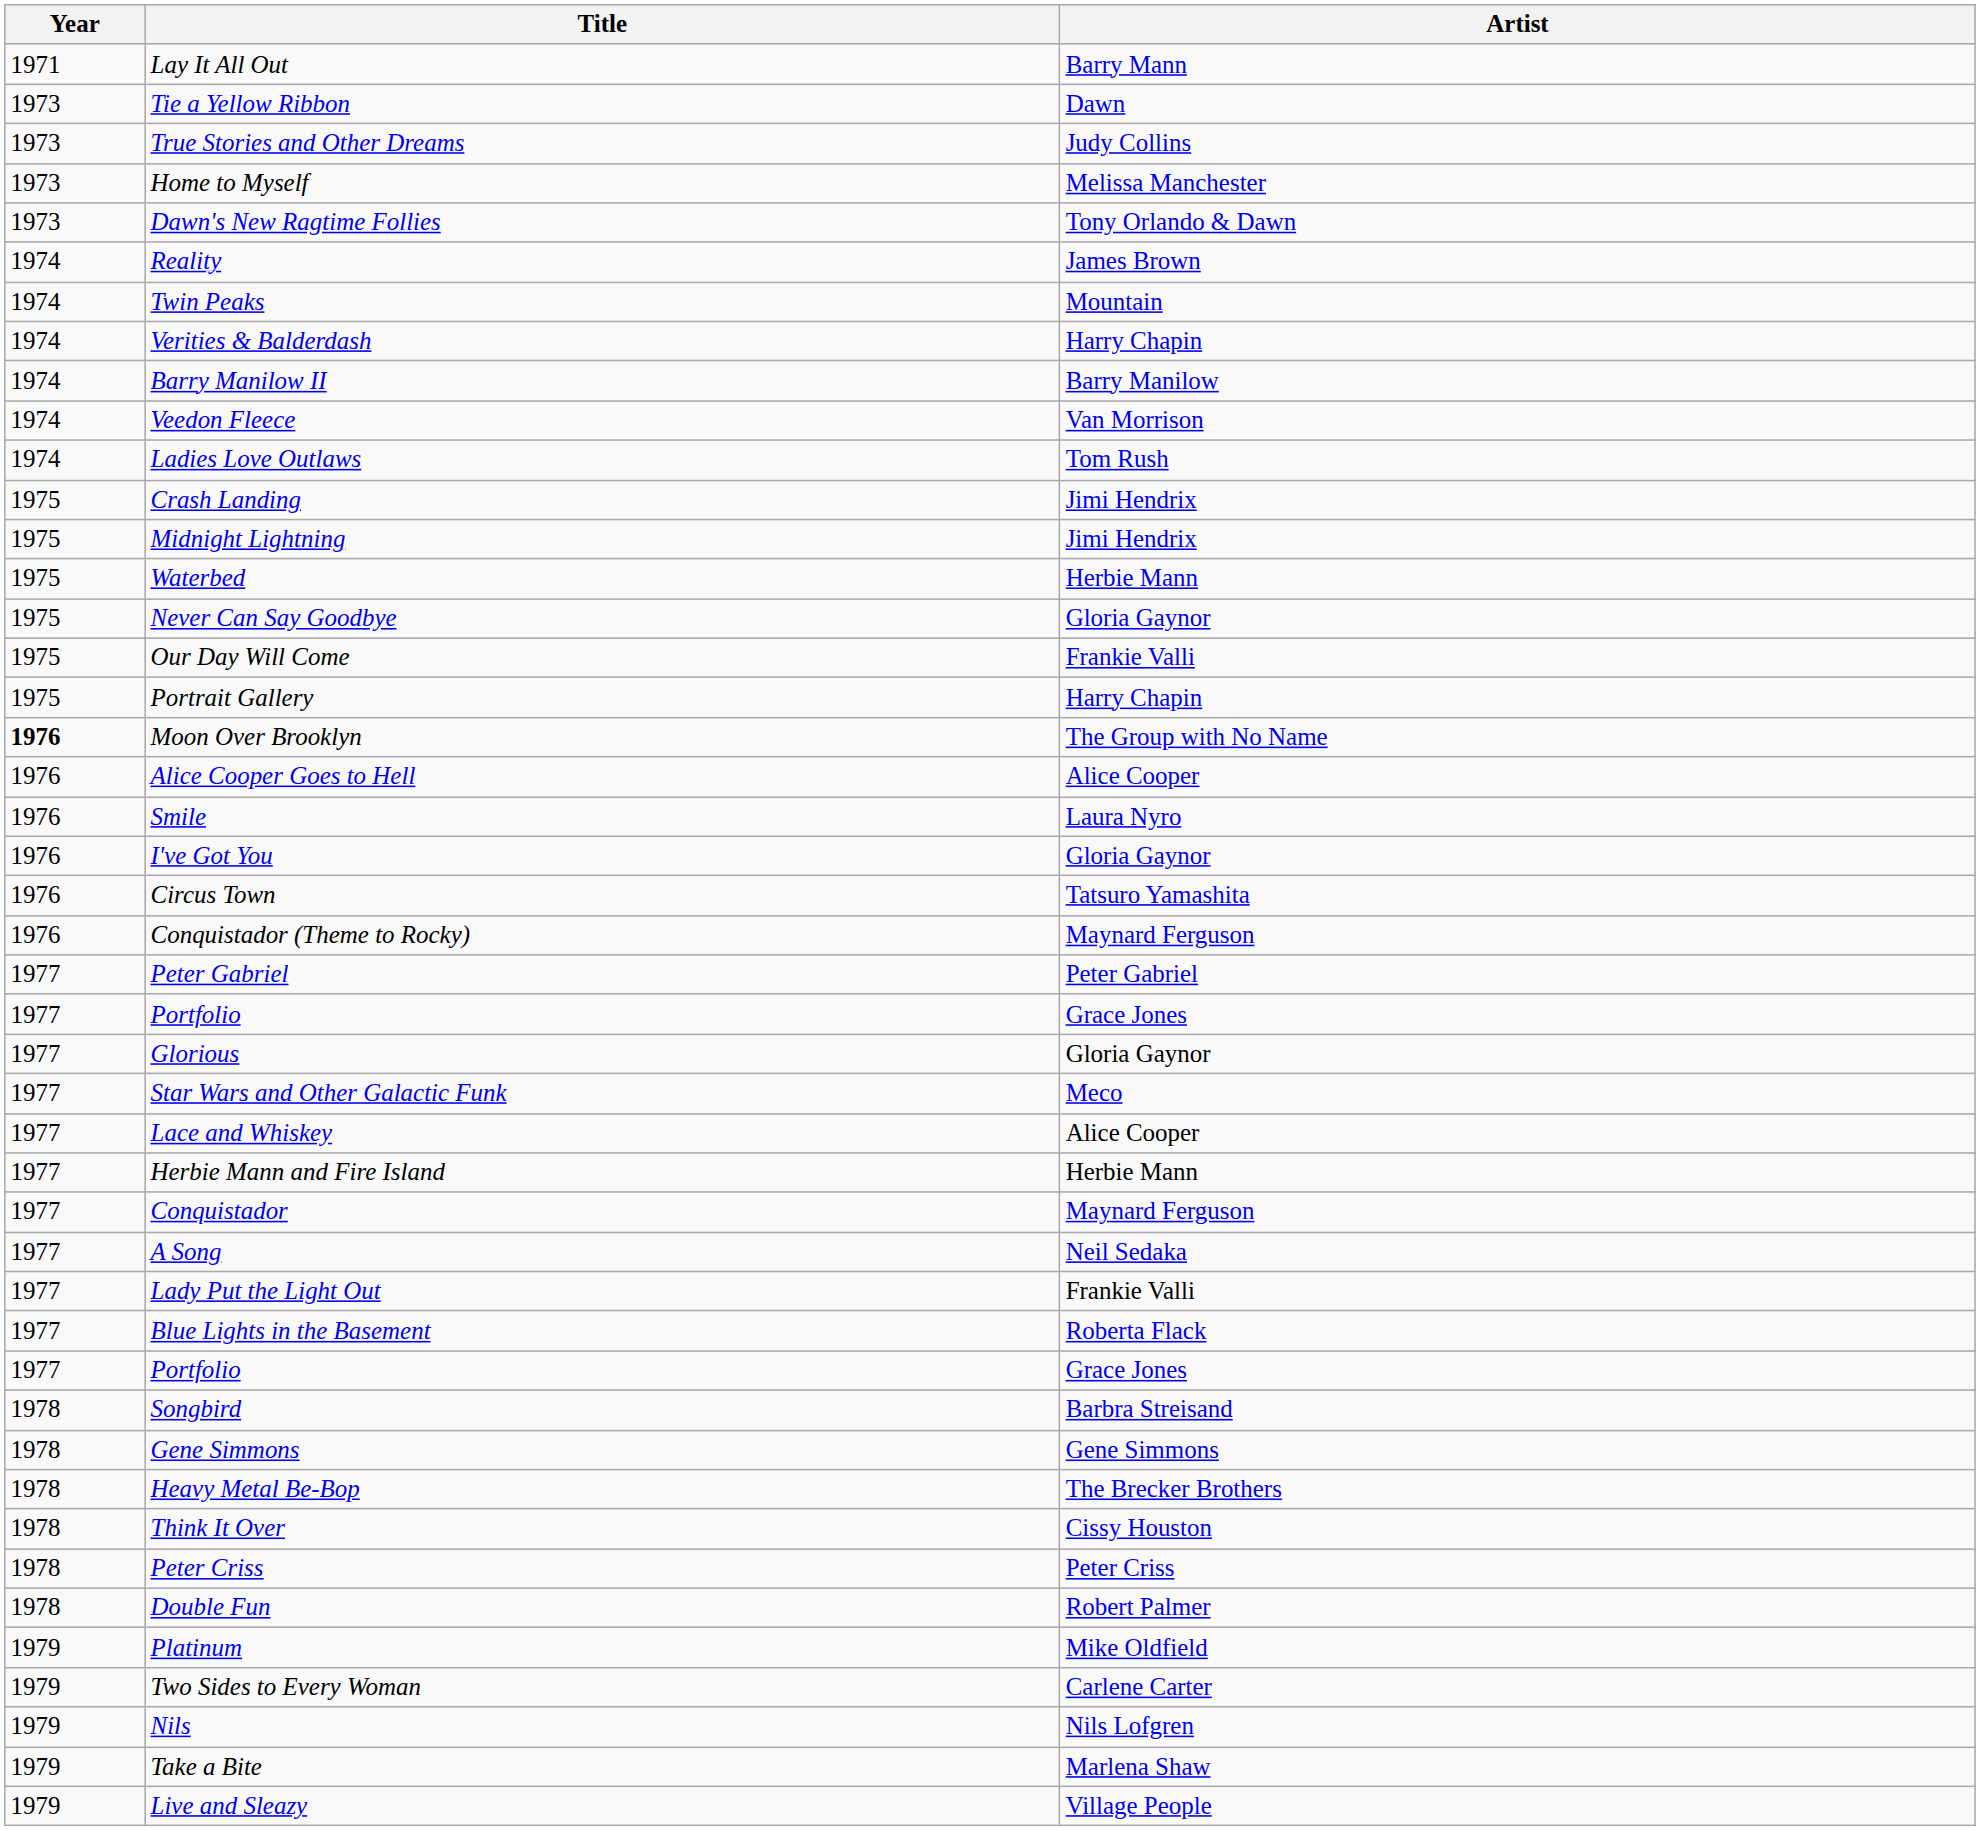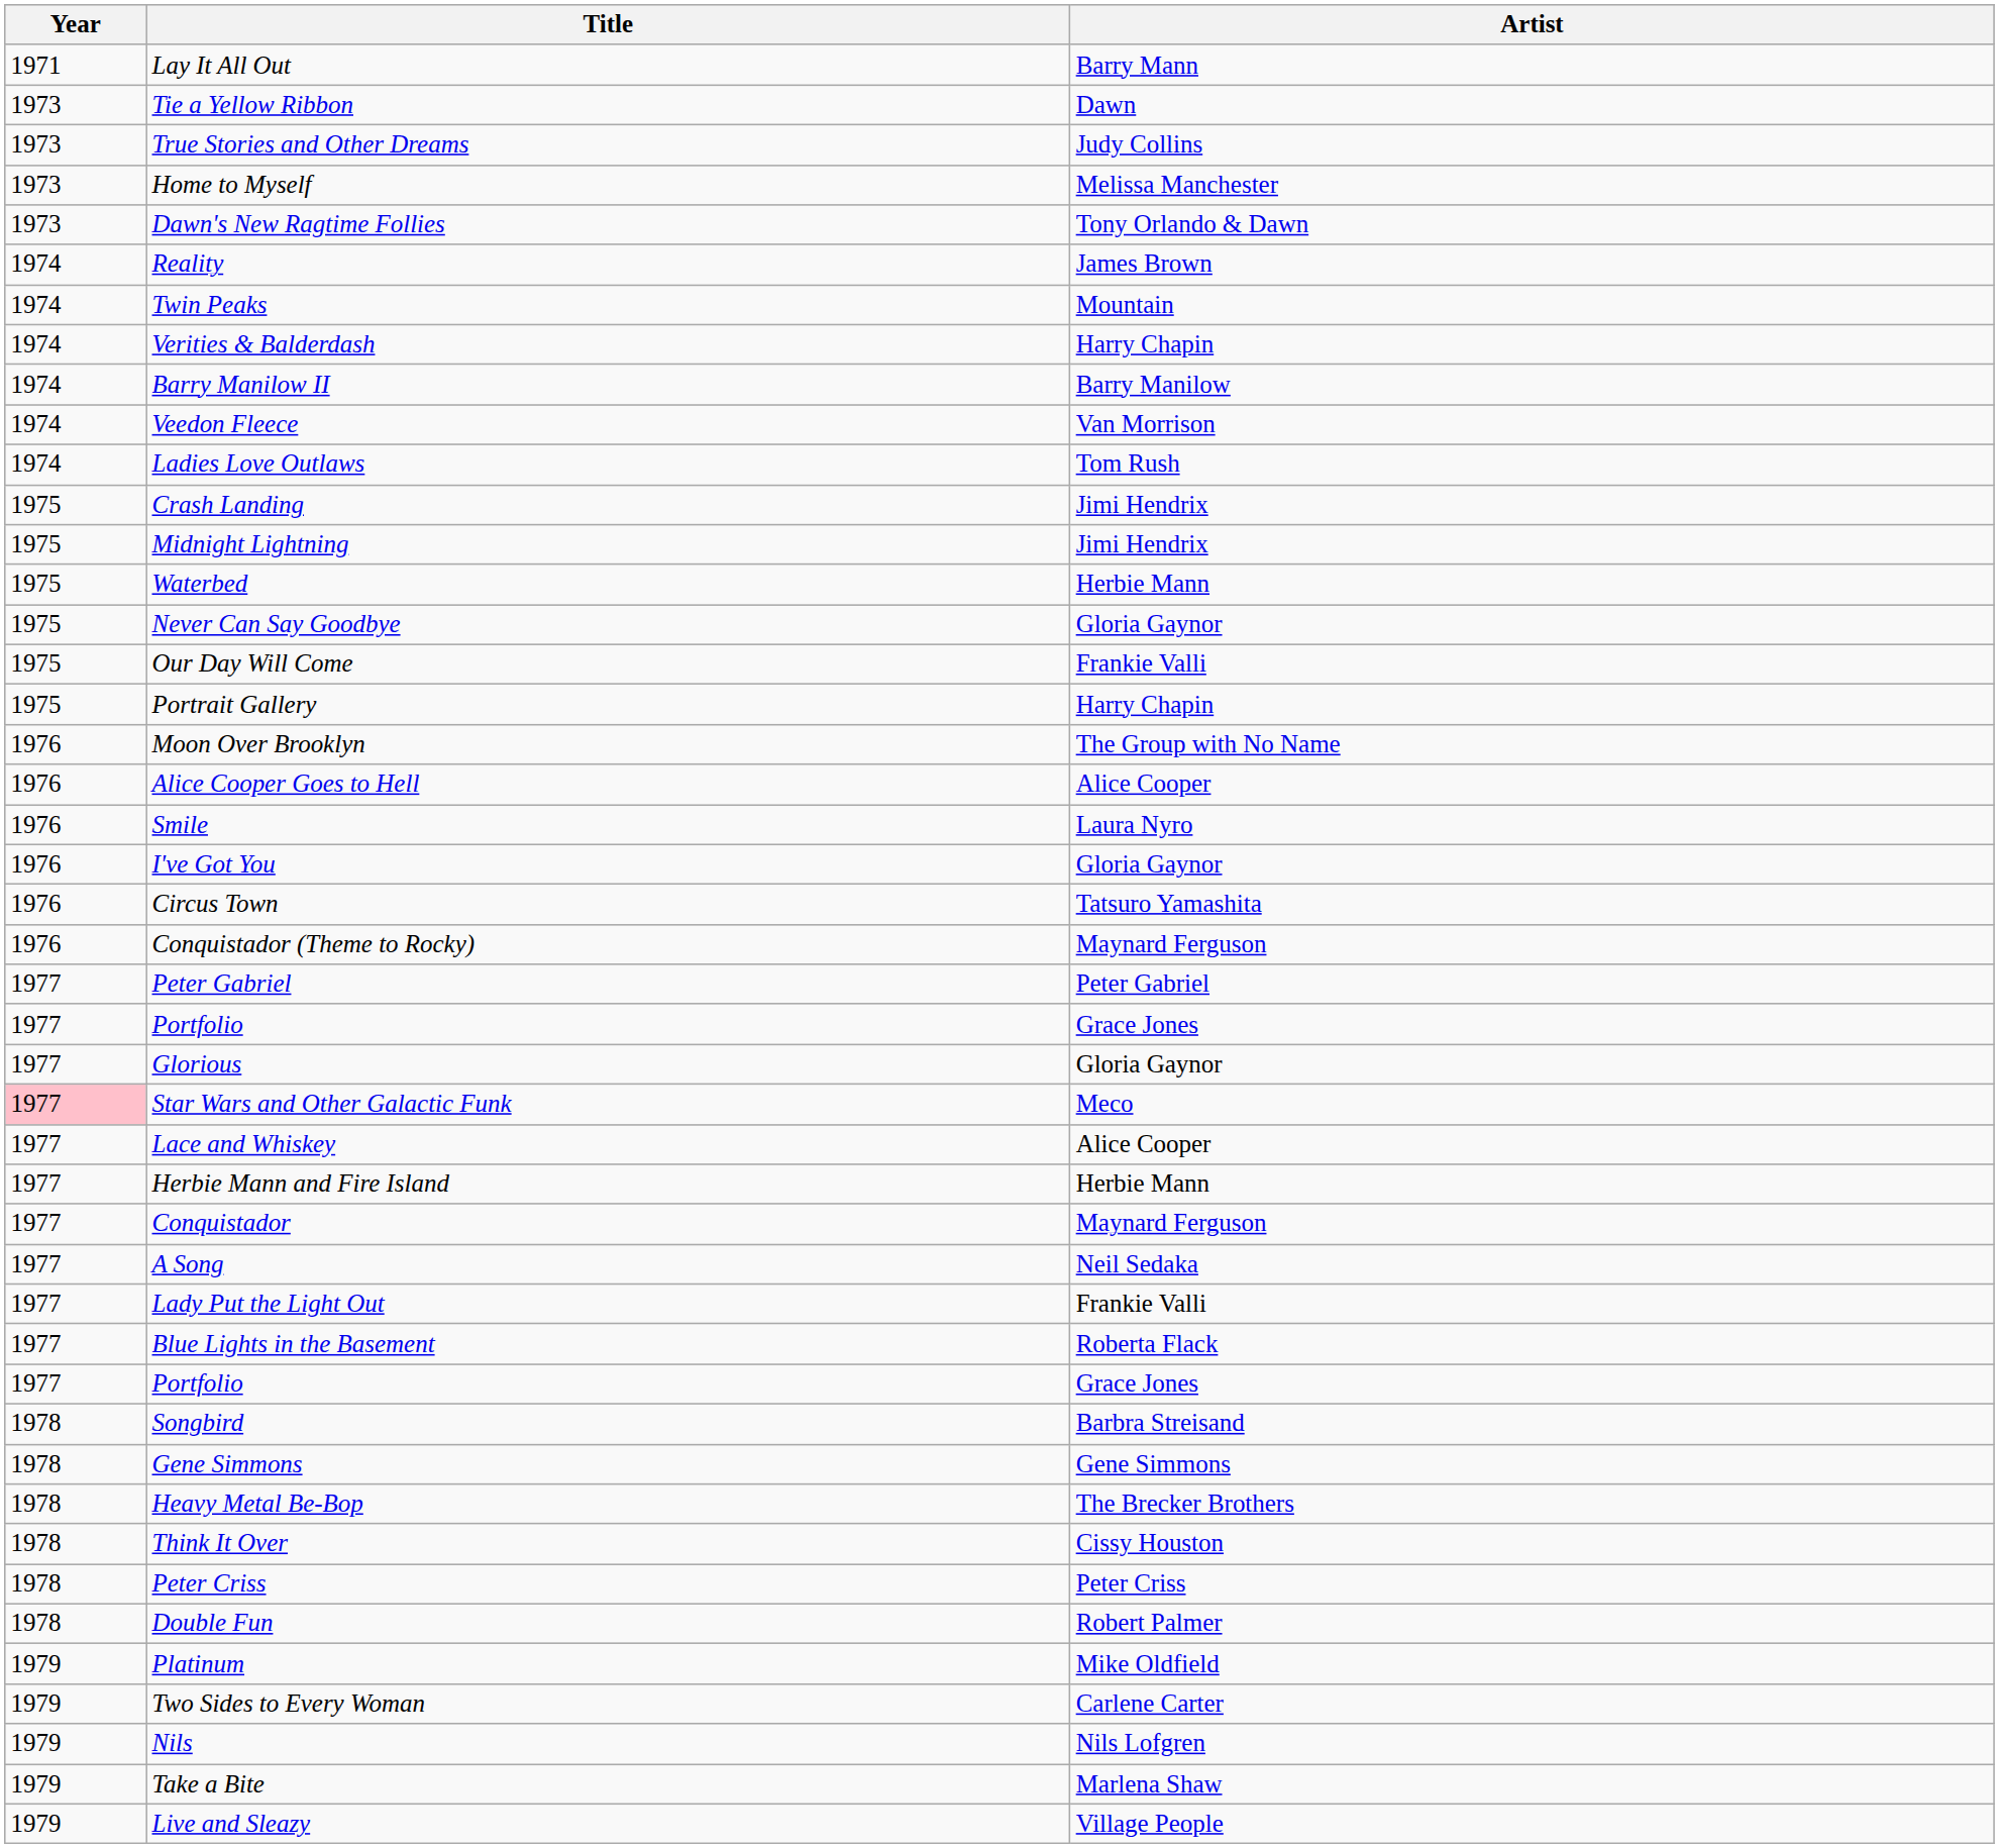 <table class="wikitable sortable" style="width:100%;">
 <tr>
 <th style="width:30px;">Year</th>
 <th style="width:250px;">Title</th>
 <th style="width:250px;">Artist</th>
 </tr>
 <tr>
 <td>1971</td>
 <td><em>Lay It All Out</em></td>
 <td><a href='#'>Barry Mann</a></td>
 </tr>
 <tr>
 <td>1973</td>
 <td><em><a href='#'>Tie a Yellow Ribbon</a></em></td>
 <td><a href='#'>Dawn</a></td>
 </tr>
 <tr>
 <td>1973</td>
 <td><em><a href='#'>True Stories and Other Dreams</a></em></td>
 <td><a href='#'>Judy Collins</a></td>
 </tr>
 <tr>
 <td>1973</td>
 <td><em>Home to Myself</em></td>
 <td><a href='#'>Melissa Manchester</a></td>
 </tr>
 <tr>
 <td>1973</td>
 <td><em><a href='#'>Dawn's New Ragtime Follies</a></em></td>
 <td><a href='#'>Tony Orlando & Dawn</a></td>
 </tr>
 <tr>
 <td>1974</td>
 <td><em><a href='#'>Reality</a></em></td>
 <td><a href='#'>James Brown</a></td>
 </tr>
 <tr>
 <td>1974</td>
 <td><em><a href='#'>Twin Peaks</a></em></td>
 <td><a href='#'>Mountain</a></td>
 </tr>
 <tr>
 <td>1974</td>
 <td><em><a href='#'>Verities & Balderdash</a></em></td>
 <td><a href='#'>Harry Chapin</a></td>
 </tr>
 <tr>
 <td>1974</td>
 <td><em><a href='#'>Barry Manilow II</a></em></td>
 <td><a href='#'>Barry Manilow</a></td>
 </tr>
 <tr>
 <td>1974</td>
 <td><em><a href='#'>Veedon Fleece</a></em></td>
 <td><a href='#'>Van Morrison</a></td>
 </tr>
 <tr>
 <td>1974</td>
 <td><em><a href='#'>Ladies Love Outlaws</a></em></td>
 <td><a href='#'>Tom Rush</a></td>
 </tr>
 <tr>
 <td>1975</td>
 <td><em><a href='#'>Crash Landing</a></em></td>
 <td><a href='#'>Jimi Hendrix</a></td>
 </tr>
 <tr>
 <td>1975</td>
 <td><em><a href='#'>Midnight Lightning</a></em></td>
 <td><a href='#'>Jimi Hendrix</a></td>
 </tr>
 <tr>
 <td>1975</td>
 <td><em><a href='#'>Waterbed</a></em></td>
 <td><a href='#'>Herbie Mann</a></td>
 </tr>
 <tr>
 <td>1975</td>
 <td><em><a href='#'>Never Can Say Goodbye</a></em></td>
 <td><a href='#'>Gloria Gaynor</a></td>
 </tr>
 <tr>
 <td>1975</td>
 <td><em>Our Day Will Come</em></td>
 <td><a href='#'>Frankie Valli</a></td>
 </tr>
 <tr>
 <td>1975</td>
 <td><em>Portrait Gallery</em></td>
 <td><a href='#'>Harry Chapin</a></td>
 </tr>
 <tr>
-<td><strong>1976</strong></td>
+<td>1976</td>
 <td><em>Moon Over Brooklyn</em></td>
 <td><a href='#'>The Group with No Name</a></td>
 </tr>
 <tr>
 <td>1976</td>
 <td><em><a href='#'>Alice Cooper Goes to Hell</a></em></td>
 <td><a href='#'>Alice Cooper</a></td>
 </tr>
 <tr>
 <td>1976</td>
 <td><em><a href='#'>Smile</a></em></td>
 <td><a href='#'>Laura Nyro</a></td>
 </tr>
 <tr>
 <td>1976</td>
 <td><em><a href='#'>I've Got You</a></em></td>
 <td><a href='#'>Gloria Gaynor</a></td>
 </tr>
 <tr>
 <td>1976</td>
 <td><em>Circus Town</em></td>
 <td><a href='#'>Tatsuro Yamashita</a></td>
 </tr>
 <tr>
 <td>1976</td>
 <td><em>Conquistador (Theme to Rocky)</em></td>
 <td><a href='#'>Maynard Ferguson</a></td>
 </tr>
 <tr>
 <td>1977</td>
 <td><em><a href='#'>Peter Gabriel</a></em></td>
 <td><a href='#'>Peter Gabriel</a></td>
 </tr>
 <tr>
 <td>1977</td>
 <td><em><a href='#'>Portfolio</a></em></td>
 <td><a href='#'>Grace Jones</a></td>
 </tr>
 <tr>
 <td>1977</td>
 <td><em><a href='#'>Glorious</a></em></td>
 <td>Gloria Gaynor</td>
 </tr>
 <tr>
-<td>1977</td>
+<td style="background: pink;">1977</td>
 <td><em><a href='#'>Star Wars and Other Galactic Funk</a></em></td>
 <td><a href='#'>Meco</a></td>
 </tr>
 <tr>
 <td>1977</td>
 <td><em><a href='#'>Lace and Whiskey</a></em></td>
 <td>Alice Cooper</td>
 </tr>
 <tr>
 <td>1977</td>
 <td><em>Herbie Mann and Fire Island</em></td>
 <td>Herbie Mann</td>
 </tr>
 <tr>
 <td>1977</td>
 <td><em><a href='#'>Conquistador</a></em></td>
 <td><a href='#'>Maynard Ferguson</a></td>
 </tr>
 <tr>
 <td>1977</td>
 <td><em><a href='#'>A Song</a></em></td>
 <td><a href='#'>Neil Sedaka</a></td>
 </tr>
 <tr>
 <td>1977</td>
 <td><em><a href='#'>Lady Put the Light Out</a></em></td>
 <td>Frankie Valli</td>
 </tr>
 <tr>
 <td>1977</td>
 <td><em><a href='#'>Blue Lights in the Basement</a></em></td>
 <td><a href='#'>Roberta Flack</a></td>
 </tr>
 <tr>
 <td>1977</td>
 <td><em><a href='#'>Portfolio</a></em></td>
 <td><a href='#'>Grace Jones</a></td>
 </tr>
 <tr>
 <td>1978</td>
 <td><em><a href='#'>Songbird</a></em></td>
 <td><a href='#'>Barbra Streisand</a></td>
 </tr>
 <tr>
 <td>1978</td>
 <td><em><a href='#'>Gene Simmons</a></em></td>
 <td><a href='#'>Gene Simmons</a></td>
 </tr>
 <tr>
 <td>1978</td>
 <td><em><a href='#'>Heavy Metal Be-Bop</a></em></td>
 <td><a href='#'>The Brecker Brothers</a></td>
 </tr>
 <tr>
 <td>1978</td>
 <td><em><a href='#'>Think It Over</a></em></td>
 <td><a href='#'>Cissy Houston</a></td>
 </tr>
 <tr>
 <td>1978</td>
 <td><em><a href='#'>Peter Criss</a></em></td>
 <td><a href='#'>Peter Criss</a></td>
 </tr>
 <tr>
 <td>1978</td>
 <td><em><a href='#'>Double Fun</a></em></td>
 <td><a href='#'>Robert Palmer</a></td>
 </tr>
 <tr>
 <td>1979</td>
 <td><em><a href='#'>Platinum</a></em></td>
 <td><a href='#'>Mike Oldfield</a></td>
 </tr>
 <tr>
 <td>1979</td>
 <td><em>Two Sides to Every Woman</em></td>
 <td><a href='#'>Carlene Carter</a></td>
 </tr>
 <tr>
 <td>1979</td>
 <td><em><a href='#'>Nils</a></em></td>
 <td><a href='#'>Nils Lofgren</a></td>
 </tr>
 <tr>
 <td>1979</td>
 <td><em>Take a Bite</em></td>
 <td><a href='#'>Marlena Shaw</a></td>
 </tr>
 <tr>
 <td>1979</td>
 <td><em><a href='#'>Live and Sleazy</a></em></td>
 <td><a href='#'>Village People</a></td>
 </tr>
 </table>
